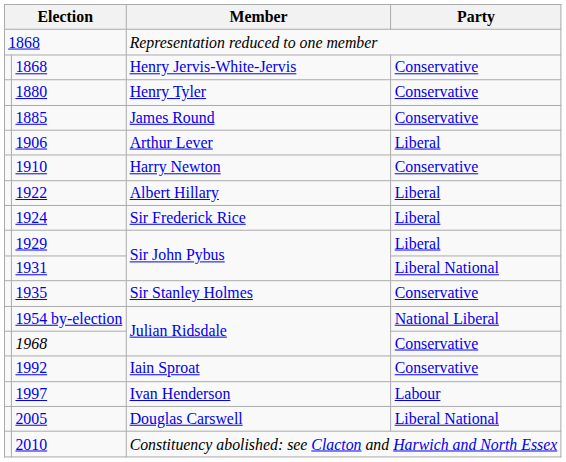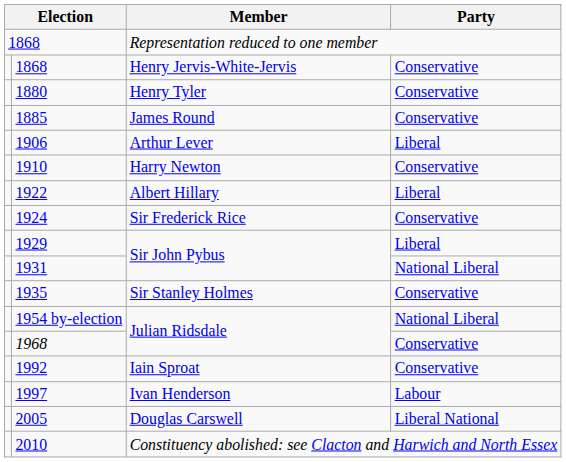 <table class="wikitable">
 <tr>
 <th colspan="2">Election</th>
 <th>Member</th>
 <th>Party</th>
 </tr>
 <tr>
 <td colspan="2"><a href='#'>1868</a> </td>
 <td colspan="2"><em>Representation reduced to one member</em></td>
 </tr>
 <tr>
 <td style="color:inherit;background-color: "></td>
 <td><a href='#'>1868</a></td>
 <td><a href='#'>Henry Jervis-White-Jervis</a></td>
 <td><a href='#'>Conservative</a></td>
 </tr>
 <tr>
 <td style="color:inherit;background-color: "></td>
 <td><a href='#'>1880</a></td>
 <td><a href='#'>Henry Tyler</a></td>
 <td><a href='#'>Conservative</a></td>
 </tr>
 <tr>
 <td style="color:inherit;background-color: "></td>
 <td><a href='#'>1885</a></td>
 <td><a href='#'>James Round</a></td>
 <td><a href='#'>Conservative</a></td>
 </tr>
 <tr>
 <td style="color:inherit;background-color: "></td>
 <td><a href='#'>1906</a></td>
 <td><a href='#'>Arthur Lever</a></td>
 <td><a href='#'>Liberal</a></td>
 </tr>
 <tr>
 <td style="color:inherit;background-color: "></td>
 <td><a href='#'>1910</a></td>
 <td><a href='#'>Harry Newton</a></td>
 <td><a href='#'>Conservative</a></td>
 </tr>
 <tr>
 <td style="color:inherit;background-color: "></td>
 <td><a href='#'>1922</a></td>
 <td><a href='#'>Albert Hillary</a></td>
 <td><a href='#'>Liberal</a></td>
 </tr>
 <tr>
 <td style="color:inherit;background-color: "></td>
 <td><a href='#'>1924</a></td>
 <td><a href='#'>Sir Frederick Rice</a></td>
-<td><a href='#'>Liberal</a></td>
+<td><a href='#'>Conservative</a></td>
 </tr>
 <tr>
 <td style="color:inherit;background-color: "></td>
 <td><a href='#'>1929</a></td>
 <td rowspan="2"><a href='#'>Sir John Pybus</a></td>
 <td><a href='#'>Liberal</a></td>
 </tr>
 <tr>
 <td style="color:inherit;background-color: "></td>
 <td><a href='#'>1931</a></td>
-<td><a href='#'>Liberal National</a></td>
+<td><a href='#'>National Liberal</a></td>
 </tr>
 <tr>
 <td style="color:inherit;background-color: "></td>
 <td><a href='#'>1935</a></td>
 <td><a href='#'>Sir Stanley Holmes</a></td>
 <td><a href='#'>Conservative</a></td>
 </tr>
 <tr>
 <td style="color:inherit;background-color: "></td>
 <td><a href='#'>1954 by-election</a></td>
 <td rowspan="2"><a href='#'>Julian Ridsdale</a></td>
 <td><a href='#'>National Liberal</a></td>
 </tr>
 <tr>
 <td style="color:inherit;background-color: "></td>
 <td><em>1968</em></td>
 <td><a href='#'>Conservative</a></td>
 </tr>
 <tr>
 <td style="color:inherit;background-color: "></td>
 <td><a href='#'>1992</a></td>
 <td><a href='#'>Iain Sproat</a></td>
 <td><a href='#'>Conservative</a></td>
 </tr>
 <tr>
 <td style="color:inherit;background-color: "></td>
 <td><a href='#'>1997</a></td>
 <td><a href='#'>Ivan Henderson</a></td>
 <td><a href='#'>Labour</a></td>
 </tr>
 <tr>
 <td style="color:inherit;background-color: "></td>
 <td><a href='#'>2005</a></td>
 <td><a href='#'>Douglas Carswell</a></td>
 <td><a href='#'>Liberal National</a></td>
 </tr>
 <tr>
 <td></td>
 <td><a href='#'>2010</a></td>
 <td colspan="2"><em>Constituency abolished: see <a href='#'>Clacton</a> and <a href='#'>Harwich and North Essex</a></em></td>
 </tr>
 </table>
